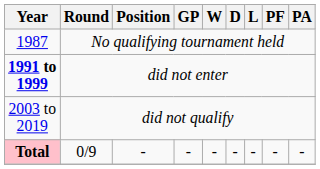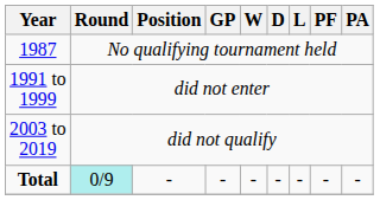 <table class="wikitable" style="text-align: center;">
 <tr>
 <th>Year</th>
 <th>Round</th>
 <th>Position</th>
 <th>GP</th>
 <th>W</th>
 <th>D</th>
 <th>L</th>
 <th>PF</th>
 <th>PA</th>
 </tr>
 <tr>
 <td> <a href='#'>1987</a></td>
 <td colspan=8><em>No qualifying tournament held</em></td>
 </tr>
 <tr>
-<td><strong> <a href='#'>1991</a> to <br>  <a href='#'>1999</a></strong></td>
+<td> <a href='#'>1991</a> to <br>  <a href='#'>1999</a></td>
 <td colspan=8><em>did not enter</em></td>
 </tr>
 <tr>
 <td> <a href='#'>2003</a> to <br>  <a href='#'>2019</a></td>
 <td colspan=8><em>did not qualify</em></td>
 </tr>
 <tr>
-<td style="background: pink;"><strong>Total</strong></td>
-<td>0/9</td>
+<td><strong>Total</strong></td>
+<td style="background: paleturquoise;">0/9</td>
 <td>-</td>
 <td>-</td>
 <td>-</td>
 <td>-</td>
 <td>-</td>
 <td>-</td>
 <td>-</td>
 </tr>
 <tr>
 </tr>
 </table>
